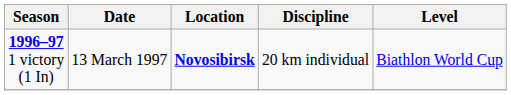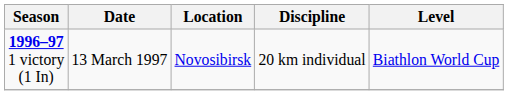 <table class="wikitable">
 <tr>
 <th>Season</th>
 <th>Date</th>
 <th>Location</th>
 <th>Discipline</th>
 <th>Level</th>
 </tr>
 <tr>
 <td rowspan="1" style="text-align:center;"><strong><a href='#'>1996–97</a></strong> <br> 1 victory <br> (1 In)</td>
 <td>13 March 1997</td>
-<td><strong> <a href='#'>Novosibirsk</a></strong></td>
+<td> <a href='#'>Novosibirsk</a></td>
 <td>20 km individual</td>
 <td><a href='#'>Biathlon World Cup</a></td>
 </tr>
 <tr>
 </tr>
 </table>
